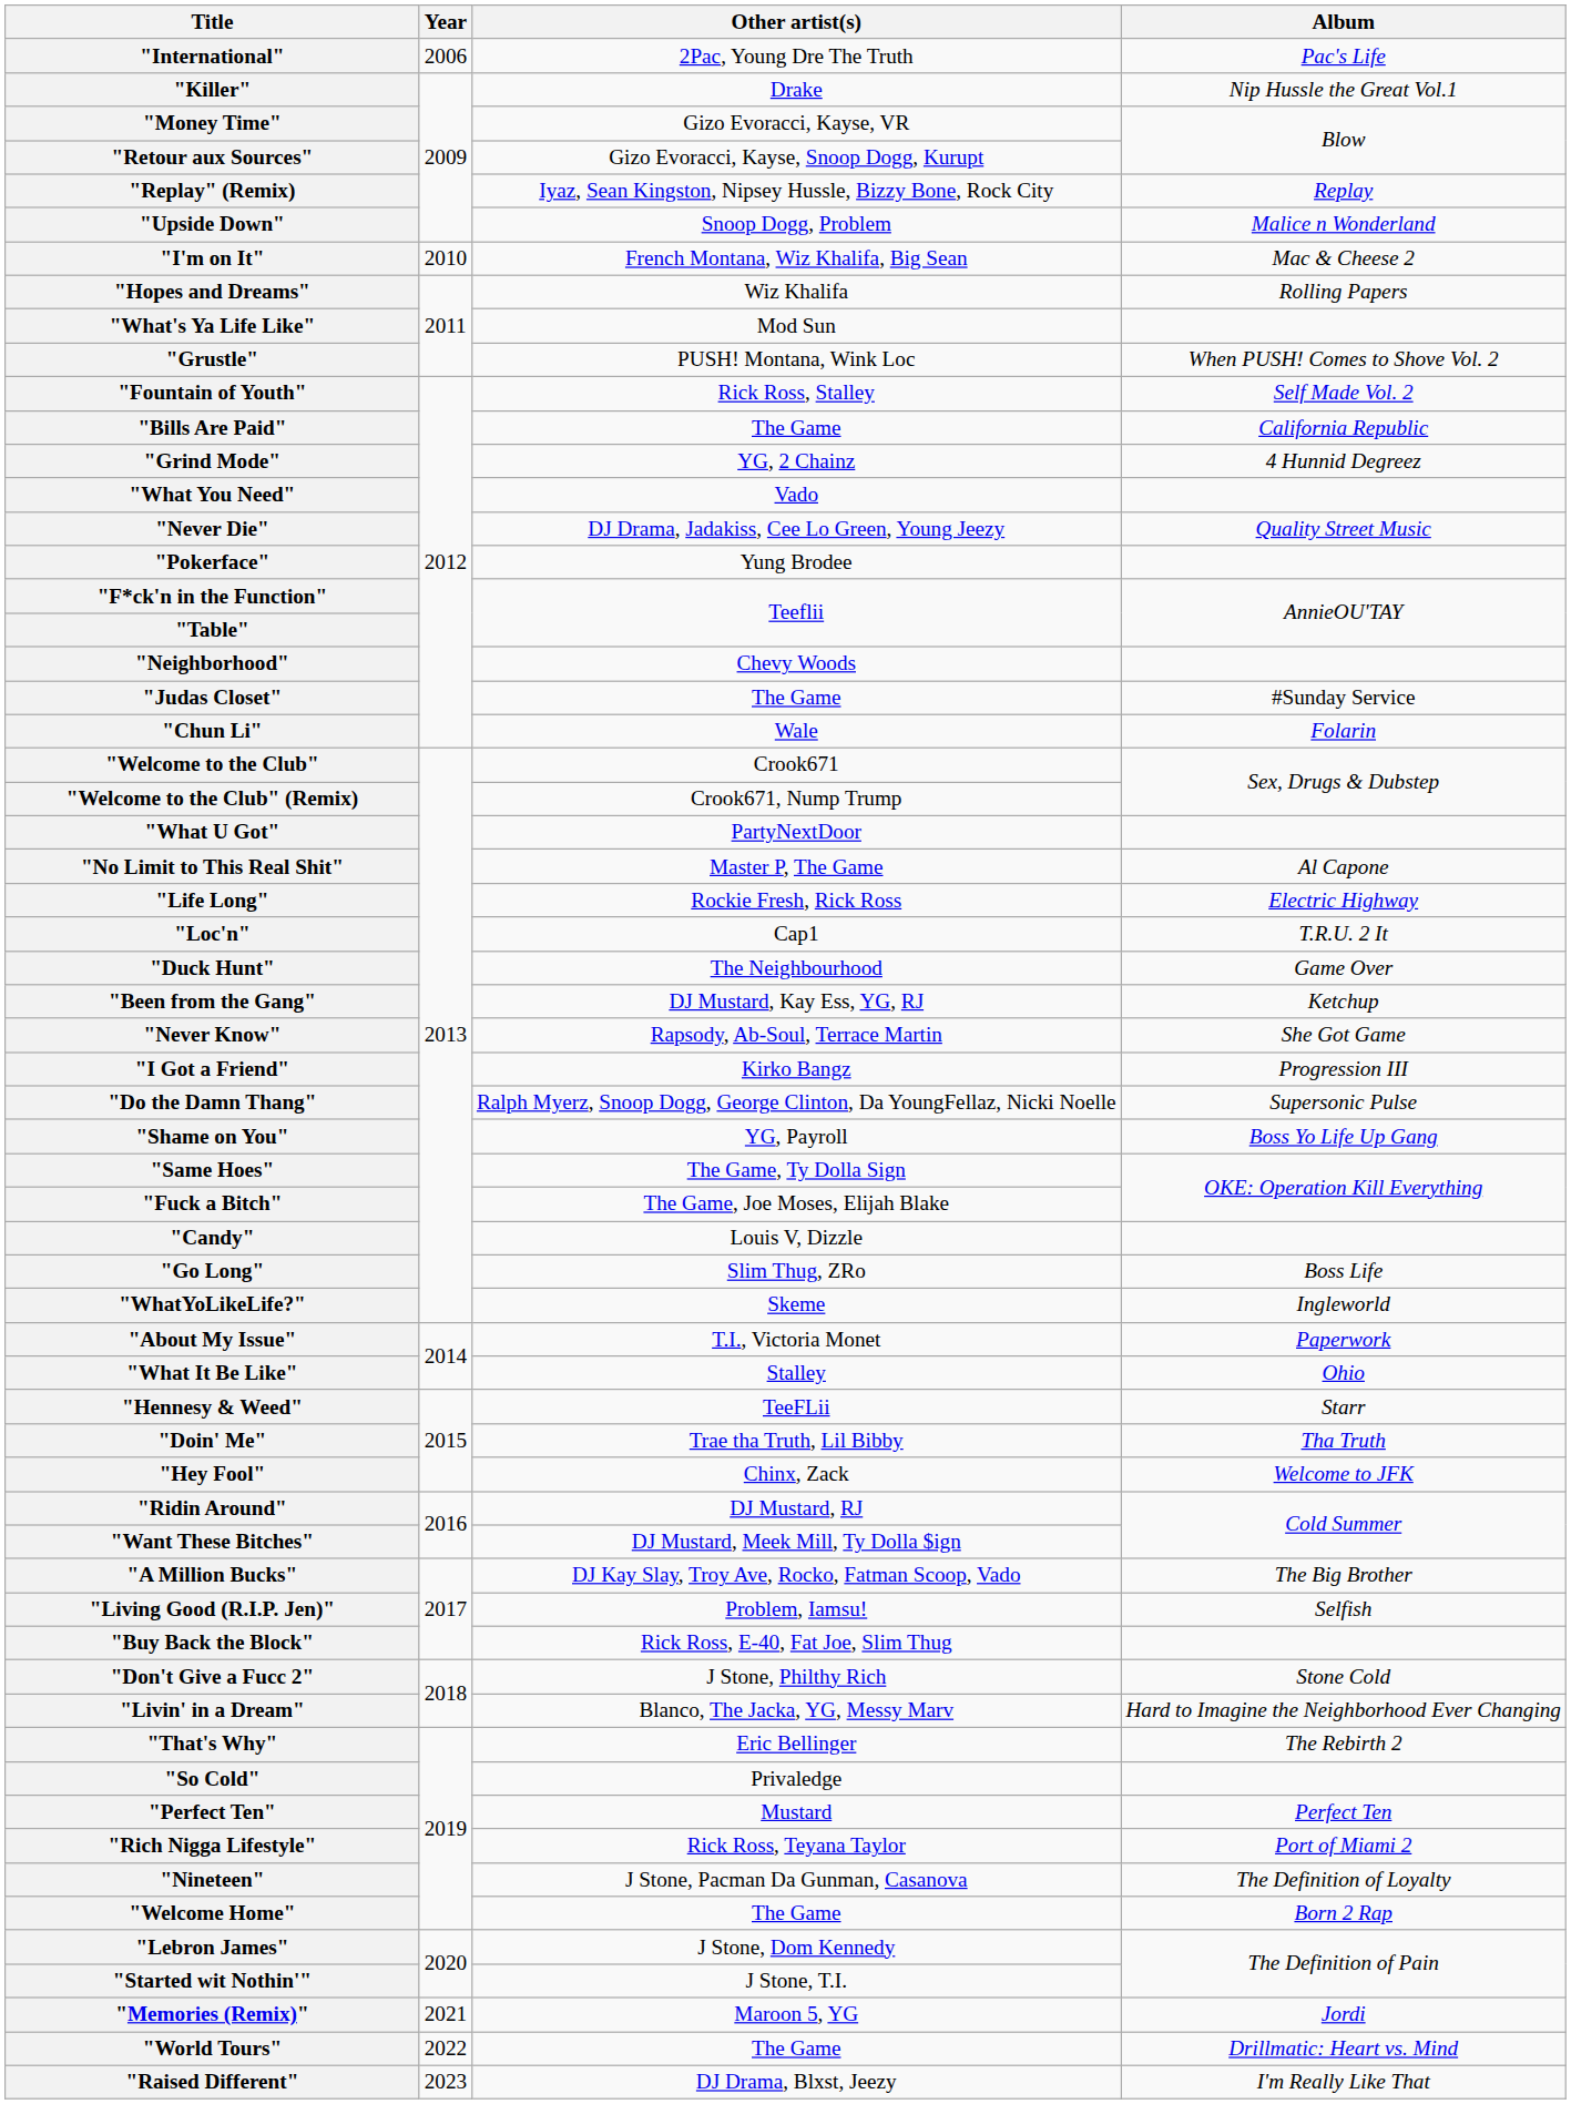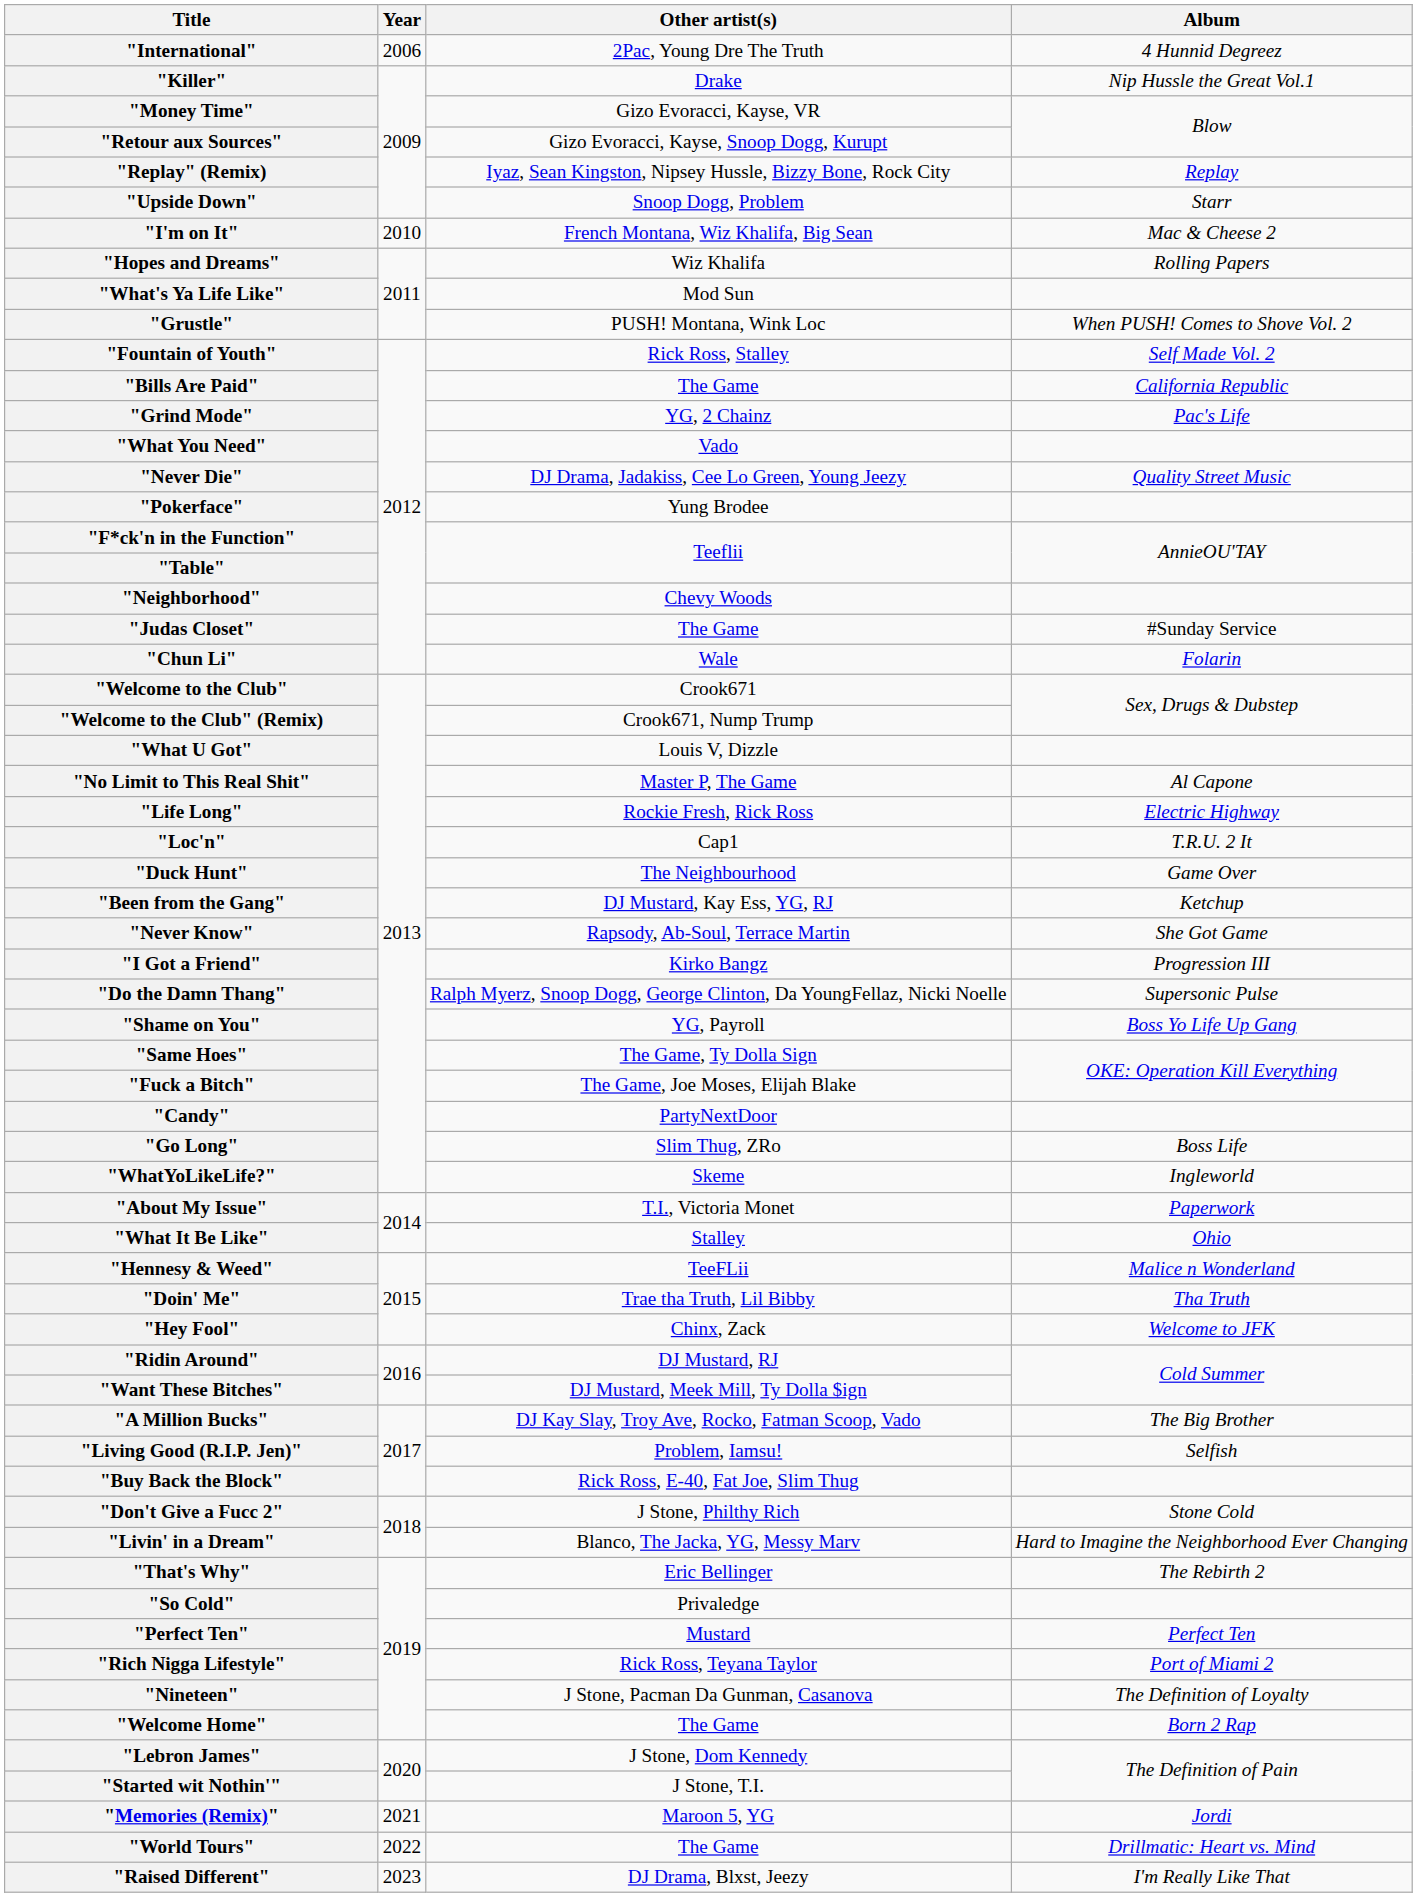 <table class="wikitable plainrowheaders" style="text-align:center;">
 <tr>
 <th scope="col" style="width:19em;">Title</th>
 <th scope="col">Year</th>
 <th scope="col">Other artist(s)</th>
 <th scope="col">Album</th>
 </tr>
 <tr>
 <th scope="row">"International"</th>
 <td>2006</td>
 <td><a href='#'>2Pac</a>, Young Dre The Truth</td>
-<td><em><a href='#'>Pac's Life</a></em></td>
+<td><em> 4 Hunnid Degreez</em></td>
 </tr>
 <tr>
 <th scope="row">"Killer"</th>
 <td rowspan="5">2009</td>
 <td><a href='#'>Drake</a></td>
 <td><em>Nip Hussle the Great Vol.1</em></td>
 </tr>
 <tr>
 <th scope="row">"Money Time"</th>
 <td>Gizo Evoracci, Kayse, VR</td>
 <td rowspan="2"><em>Blow</em></td>
 </tr>
 <tr>
 <th scope="row">"Retour aux Sources"</th>
 <td>Gizo Evoracci, Kayse, <a href='#'>Snoop Dogg</a>, <a href='#'>Kurupt</a></td>
 </tr>
 <tr>
 <th scope="row">"Replay" (Remix)</th>
 <td><a href='#'>Iyaz</a>, <a href='#'>Sean Kingston</a>, Nipsey Hussle, <a href='#'>Bizzy Bone</a>, Rock City</td>
 <td><em><a href='#'>Replay</a></em></td>
 </tr>
 <tr>
 <th scope="row">"Upside Down"</th>
 <td><a href='#'>Snoop Dogg</a>, <a href='#'>Problem</a></td>
-<td><em><a href='#'>Malice n Wonderland</a></em></td>
+<td><em>Starr</em></td>
 </tr>
 <tr>
 <th scope="row">"I'm on It"</th>
 <td>2010</td>
 <td><a href='#'>French Montana</a>, <a href='#'>Wiz Khalifa</a>, <a href='#'>Big Sean</a></td>
 <td><em>Mac & Cheese 2</em></td>
 </tr>
 <tr>
 <th>"Hopes and Dreams"</th>
 <td rowspan="3">2011</td>
 <td>Wiz Khalifa</td>
 <td><em>Rolling Papers</em></td>
 </tr>
 <tr>
 <th scope="row">"What's Ya Life Like"</th>
 <td>Mod Sun</td>
 <td></td>
 </tr>
 <tr>
 <th scope="row">"Grustle"</th>
 <td>PUSH! Montana, Wink Loc</td>
 <td><em>When PUSH! Comes to Shove Vol. 2</em></td>
 </tr>
 <tr>
 <th scope="row">"Fountain of Youth"</th>
 <td rowspan="11">2012</td>
 <td><a href='#'>Rick Ross</a>, <a href='#'>Stalley</a></td>
 <td><em><a href='#'>Self Made Vol. 2</a></em></td>
 </tr>
 <tr>
 <th scope="row">"Bills Are Paid"</th>
 <td><a href='#'>The Game</a></td>
 <td><em><a href='#'>California Republic</a></em></td>
 </tr>
 <tr>
 <th scope="row">"Grind Mode"</th>
 <td><a href='#'>YG</a>, <a href='#'>2 Chainz</a></td>
-<td><em> 4 Hunnid Degreez</em></td>
+<td><em><a href='#'>Pac's Life</a></em></td>
 </tr>
 <tr>
 <th scope="row">"What You Need"</th>
 <td><a href='#'>Vado</a></td>
 <td></td>
 </tr>
 <tr>
 <th scope="row">"Never Die"</th>
 <td><a href='#'>DJ Drama</a>, <a href='#'>Jadakiss</a>, <a href='#'>Cee Lo Green</a>, <a href='#'>Young Jeezy</a></td>
 <td><em><a href='#'>Quality Street Music</a></em></td>
 </tr>
 <tr>
 <th scope="row">"Pokerface"</th>
 <td>Yung Brodee</td>
 <td></td>
 </tr>
 <tr>
 <th scope="row">"F*ck'n in the Function"</th>
 <td rowspan="2"><a href='#'>Teeflii</a></td>
 <td rowspan="2"><em>AnnieOU'TAY</em></td>
 </tr>
 <tr>
 <th scope="row">"Table"</th>
 </tr>
 <tr>
 <th scope="row">"Neighborhood"</th>
 <td><a href='#'>Chevy Woods</a></td>
 <td></td>
 </tr>
 <tr>
 <th scope="row">"Judas Closet"</th>
 <td><a href='#'>The Game</a></td>
 <td>#Sunday Service</td>
 </tr>
 <tr>
 <th scope="row">"Chun Li"</th>
 <td><a href='#'>Wale</a></td>
 <td><em><a href='#'>Folarin</a></em></td>
 </tr>
 <tr>
 <th scope="row">"Welcome to the Club"</th>
 <td rowspan="17">2013</td>
 <td>Crook671</td>
 <td rowspan="2"><em>Sex, Drugs & Dubstep</em></td>
 </tr>
 <tr>
 <th scope="row">"Welcome to the Club" (Remix)</th>
 <td>Crook671, Nump Trump</td>
 </tr>
 <tr>
 <th scope="row">"What U Got"</th>
-<td><a href='#'>PartyNextDoor</a></td>
+<td>Louis V, Dizzle</td>
 <td></td>
 </tr>
 <tr>
 <th scope="row">"No Limit to This Real Shit"</th>
 <td><a href='#'>Master P</a>, <a href='#'>The Game</a></td>
 <td><em>Al Capone</em></td>
 </tr>
 <tr>
 <th scope="row">"Life Long"</th>
 <td><a href='#'>Rockie Fresh</a>, <a href='#'>Rick Ross</a></td>
 <td><em><a href='#'>Electric Highway</a></em></td>
 </tr>
 <tr>
 <th scope="row">"Loc'n"</th>
 <td>Cap1</td>
 <td><em>T.R.U. 2 It</em></td>
 </tr>
 <tr>
 <th scope="row">"Duck Hunt"</th>
 <td><a href='#'>The Neighbourhood</a></td>
 <td><em>Game Over</em></td>
 </tr>
 <tr>
 <th scope="row">"Been from the Gang"</th>
 <td><a href='#'>DJ Mustard</a>, Kay Ess, <a href='#'>YG</a>, <a href='#'>RJ</a></td>
 <td><em>Ketchup</em></td>
 </tr>
 <tr>
 <th scope="row">"Never Know"</th>
 <td><a href='#'>Rapsody</a>, <a href='#'>Ab-Soul</a>, <a href='#'>Terrace Martin</a></td>
 <td><em>She Got Game</em></td>
 </tr>
 <tr>
 <th scope="row">"I Got a Friend"</th>
 <td><a href='#'>Kirko Bangz</a></td>
 <td><em>Progression III</em></td>
 </tr>
 <tr>
 <th scope="row">"Do the Damn Thang"</th>
 <td><a href='#'>Ralph Myerz</a>, <a href='#'>Snoop Dogg</a>, <a href='#'>George Clinton</a>, Da YoungFellaz, Nicki Noelle</td>
 <td><em>Supersonic Pulse</em></td>
 </tr>
 <tr>
 <th scope="row">"Shame on You"</th>
 <td><a href='#'>YG</a>, Payroll</td>
 <td><em><a href='#'>Boss Yo Life Up Gang</a></em></td>
 </tr>
 <tr>
 <th scope="row">"Same Hoes"</th>
 <td><a href='#'>The Game</a>, <a href='#'>Ty Dolla Sign</a></td>
 <td rowspan="2"><em><a href='#'>OKE: Operation Kill Everything</a></em></td>
 </tr>
 <tr>
 <th scope="row">"Fuck a Bitch"</th>
 <td><a href='#'>The Game</a>, Joe Moses, Elijah Blake</td>
 </tr>
 <tr>
 <th scope="row">"Candy"</th>
-<td>Louis V, Dizzle</td>
+<td><a href='#'>PartyNextDoor</a></td>
 <td></td>
 </tr>
 <tr>
 <th scope="row">"Go Long"</th>
 <td><a href='#'>Slim Thug</a>, ZRo</td>
 <td><em>Boss Life</em></td>
 </tr>
 <tr>
 <th scope="row">"WhatYoLikeLife?"</th>
 <td><a href='#'>Skeme</a></td>
 <td><em>Ingleworld</em></td>
 </tr>
 <tr>
 <th scope="row">"About My Issue"</th>
 <td rowspan="2">2014</td>
 <td><a href='#'>T.I.</a>, Victoria Monet</td>
 <td><em><a href='#'>Paperwork</a></em></td>
 </tr>
 <tr>
 <th scope="row">"What It Be Like"</th>
 <td><a href='#'>Stalley</a></td>
 <td><em><a href='#'>Ohio</a></em></td>
 </tr>
 <tr>
 <th scope="row">"Hennesy & Weed"</th>
 <td rowspan="3">2015</td>
 <td><a href='#'>TeeFLii</a></td>
-<td><em>Starr</em></td>
+<td><em><a href='#'>Malice n Wonderland</a></em></td>
 </tr>
 <tr>
 <th scope="row">"Doin' Me"</th>
 <td><a href='#'>Trae tha Truth</a>, <a href='#'>Lil Bibby</a></td>
 <td><em><a href='#'>Tha Truth</a></em></td>
 </tr>
 <tr>
 <th scope="row">"Hey Fool"</th>
 <td><a href='#'>Chinx</a>, Zack</td>
 <td><em><a href='#'>Welcome to JFK</a></em></td>
 </tr>
 <tr>
 <th scope="row">"Ridin Around"</th>
 <td rowspan="2">2016</td>
 <td><a href='#'>DJ Mustard</a>, <a href='#'>RJ</a></td>
 <td rowspan="2"><em><a href='#'>Cold Summer</a></em></td>
 </tr>
 <tr>
 <th scope="row">"Want These Bitches"</th>
 <td><a href='#'>DJ Mustard</a>, <a href='#'>Meek Mill</a>, <a href='#'>Ty Dolla $ign</a></td>
 </tr>
 <tr>
 <th scope="row">"A Million Bucks"</th>
 <td rowspan="3">2017</td>
 <td><a href='#'>DJ Kay Slay</a>, <a href='#'>Troy Ave</a>, <a href='#'>Rocko</a>, <a href='#'>Fatman Scoop</a>, <a href='#'>Vado</a></td>
 <td><em>The Big Brother</em></td>
 </tr>
 <tr>
 <th scope="row">"Living Good (R.I.P. Jen)"</th>
 <td><a href='#'>Problem</a>, <a href='#'>Iamsu!</a></td>
 <td><em>Selfish</em></td>
 </tr>
 <tr>
 <th scope="row">"Buy Back the Block"</th>
 <td><a href='#'>Rick Ross</a>, <a href='#'>E-40</a>, <a href='#'>Fat Joe</a>, <a href='#'>Slim Thug</a></td>
 <td></td>
 </tr>
 <tr>
 <th scope="row">"Don't Give a Fucc 2"</th>
 <td rowspan="2">2018</td>
 <td>J Stone, <a href='#'>Philthy Rich</a></td>
 <td><em>Stone Cold</em></td>
 </tr>
 <tr>
 <th scope="row">"Livin' in a Dream"</th>
 <td>Blanco, <a href='#'>The Jacka</a>, <a href='#'>YG</a>, <a href='#'>Messy Marv</a></td>
 <td><em>Hard to Imagine the Neighborhood Ever Changing</em></td>
 </tr>
 <tr>
 <th scope="row">"That's Why"</th>
 <td rowspan="6">2019</td>
 <td><a href='#'>Eric Bellinger</a></td>
 <td><em>The Rebirth 2</em></td>
 </tr>
 <tr>
 <th scope="row">"So Cold"</th>
 <td>Privaledge</td>
 <td></td>
 </tr>
 <tr>
 <th scope="row">"Perfect Ten"</th>
 <td><a href='#'>Mustard</a></td>
 <td><em><a href='#'>Perfect Ten</a></em></td>
 </tr>
 <tr>
 <th scope="row">"Rich Nigga Lifestyle"</th>
 <td><a href='#'>Rick Ross</a>, <a href='#'>Teyana Taylor</a></td>
 <td><em><a href='#'>Port of Miami 2</a></em></td>
 </tr>
 <tr>
 <th scope="row">"Nineteen"</th>
 <td>J Stone, Pacman Da Gunman, <a href='#'>Casanova</a></td>
 <td><em>The Definition of Loyalty</em></td>
 </tr>
 <tr>
 <th scope="row">"Welcome Home"</th>
 <td><a href='#'>The Game</a></td>
 <td><em><a href='#'>Born 2 Rap</a></em></td>
 </tr>
 <tr>
 <th scope="row">"Lebron James"</th>
 <td rowspan="2">2020</td>
 <td>J Stone, <a href='#'>Dom Kennedy</a></td>
 <td rowspan="2"><em>The Definition of Pain</em></td>
 </tr>
 <tr>
 <th scope="row">"Started wit Nothin'"</th>
 <td>J Stone, T.I.</td>
 </tr>
 <tr>
 <th scope="row">"<a href='#'>Memories (Remix)</a>"</th>
 <td>2021</td>
 <td><a href='#'>Maroon 5</a>, <a href='#'>YG</a></td>
 <td><em><a href='#'>Jordi</a></em></td>
 </tr>
 <tr>
 <th scope="row">"World Tours"</th>
 <td>2022</td>
 <td><a href='#'>The Game</a></td>
 <td><em><a href='#'>Drillmatic: Heart vs. Mind</a></em></td>
 </tr>
 <tr>
 <th>"Raised Different"</th>
 <td>2023</td>
 <td><a href='#'>DJ Drama</a>, Blxst, Jeezy</td>
 <td><em>I'm Really Like That</em></td>
 </tr>
 </table>
